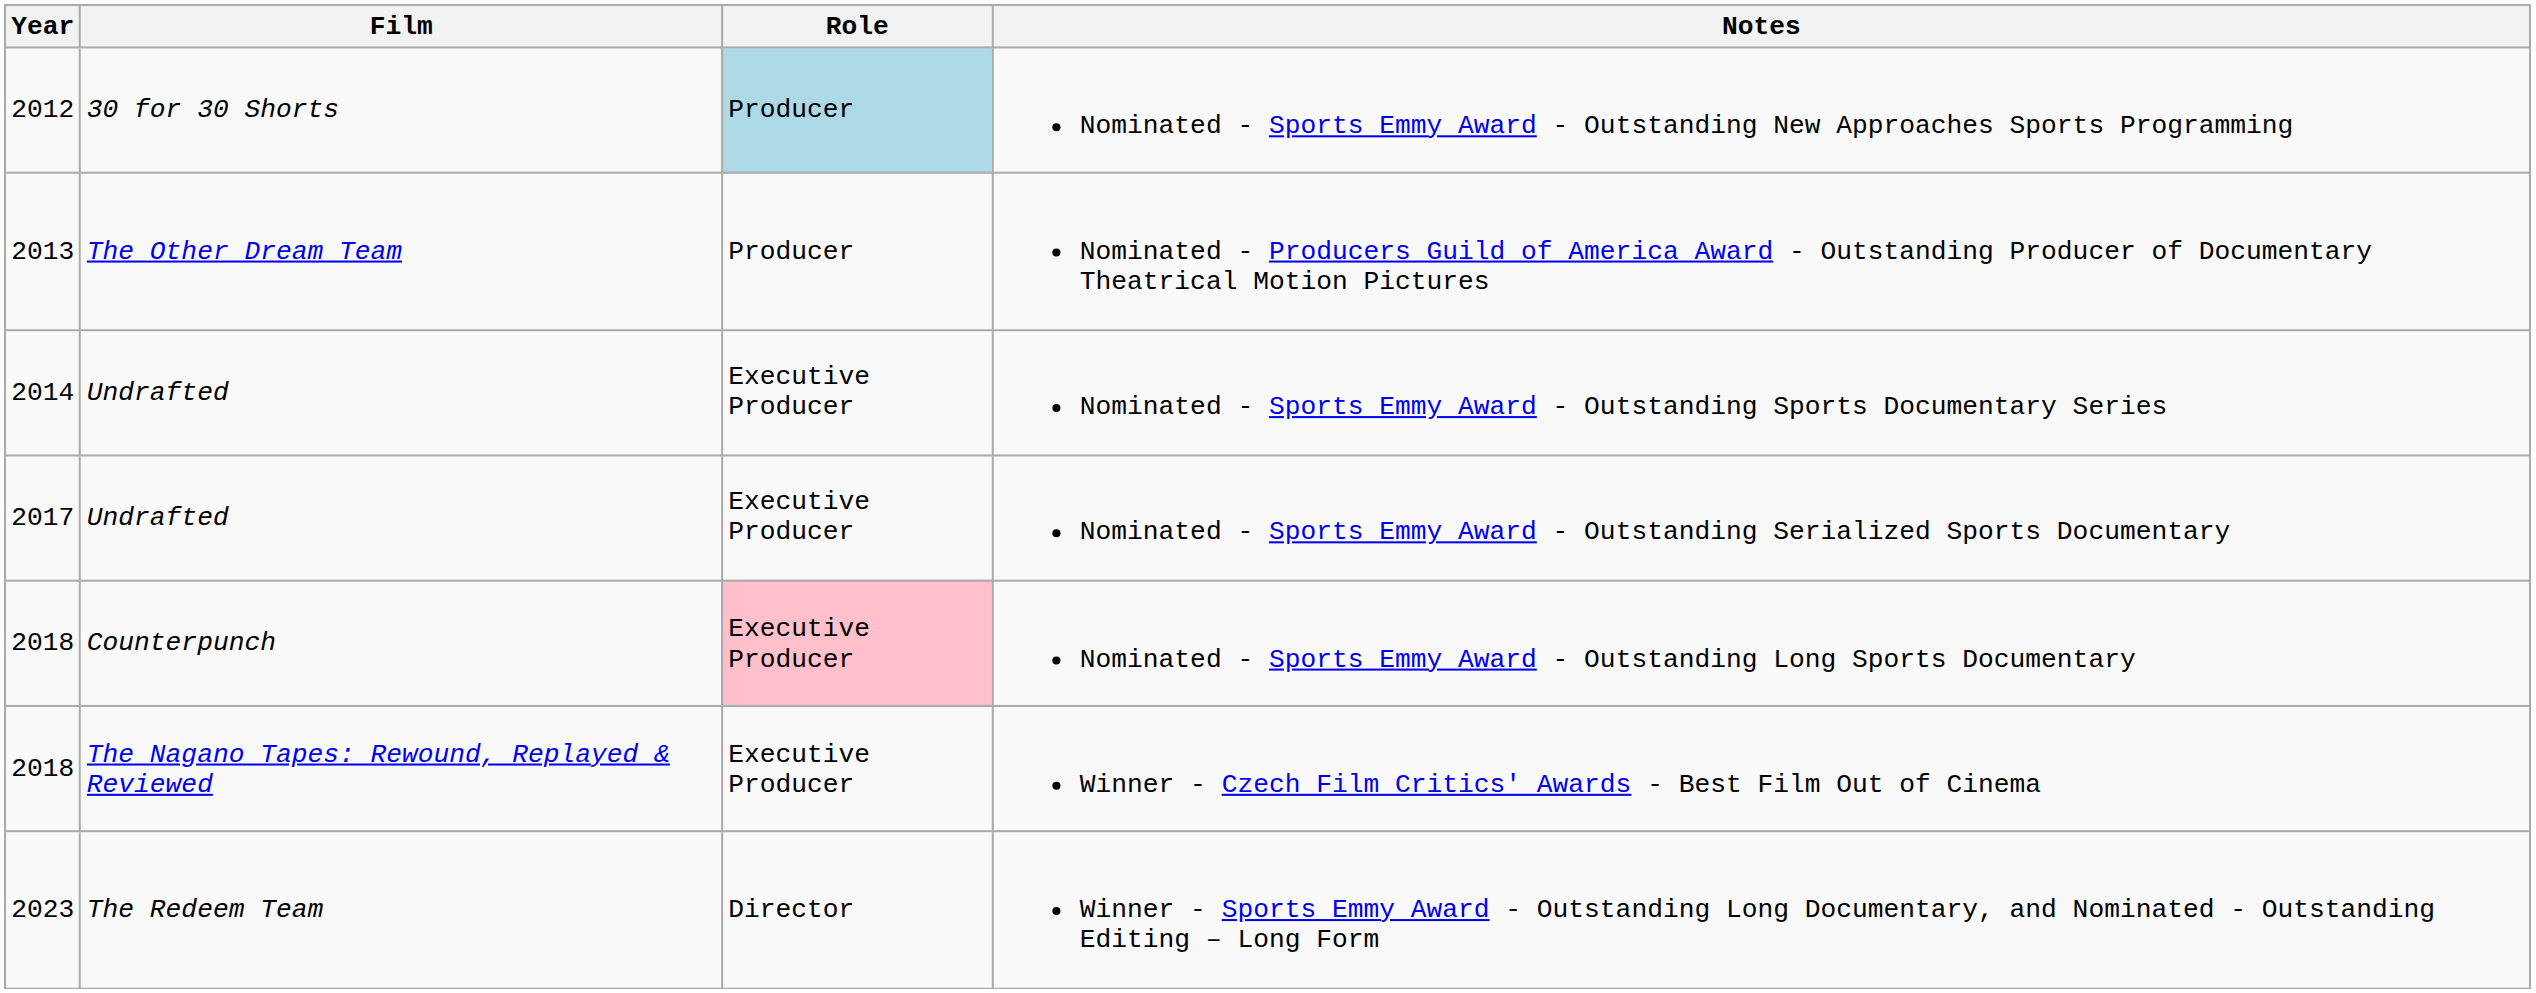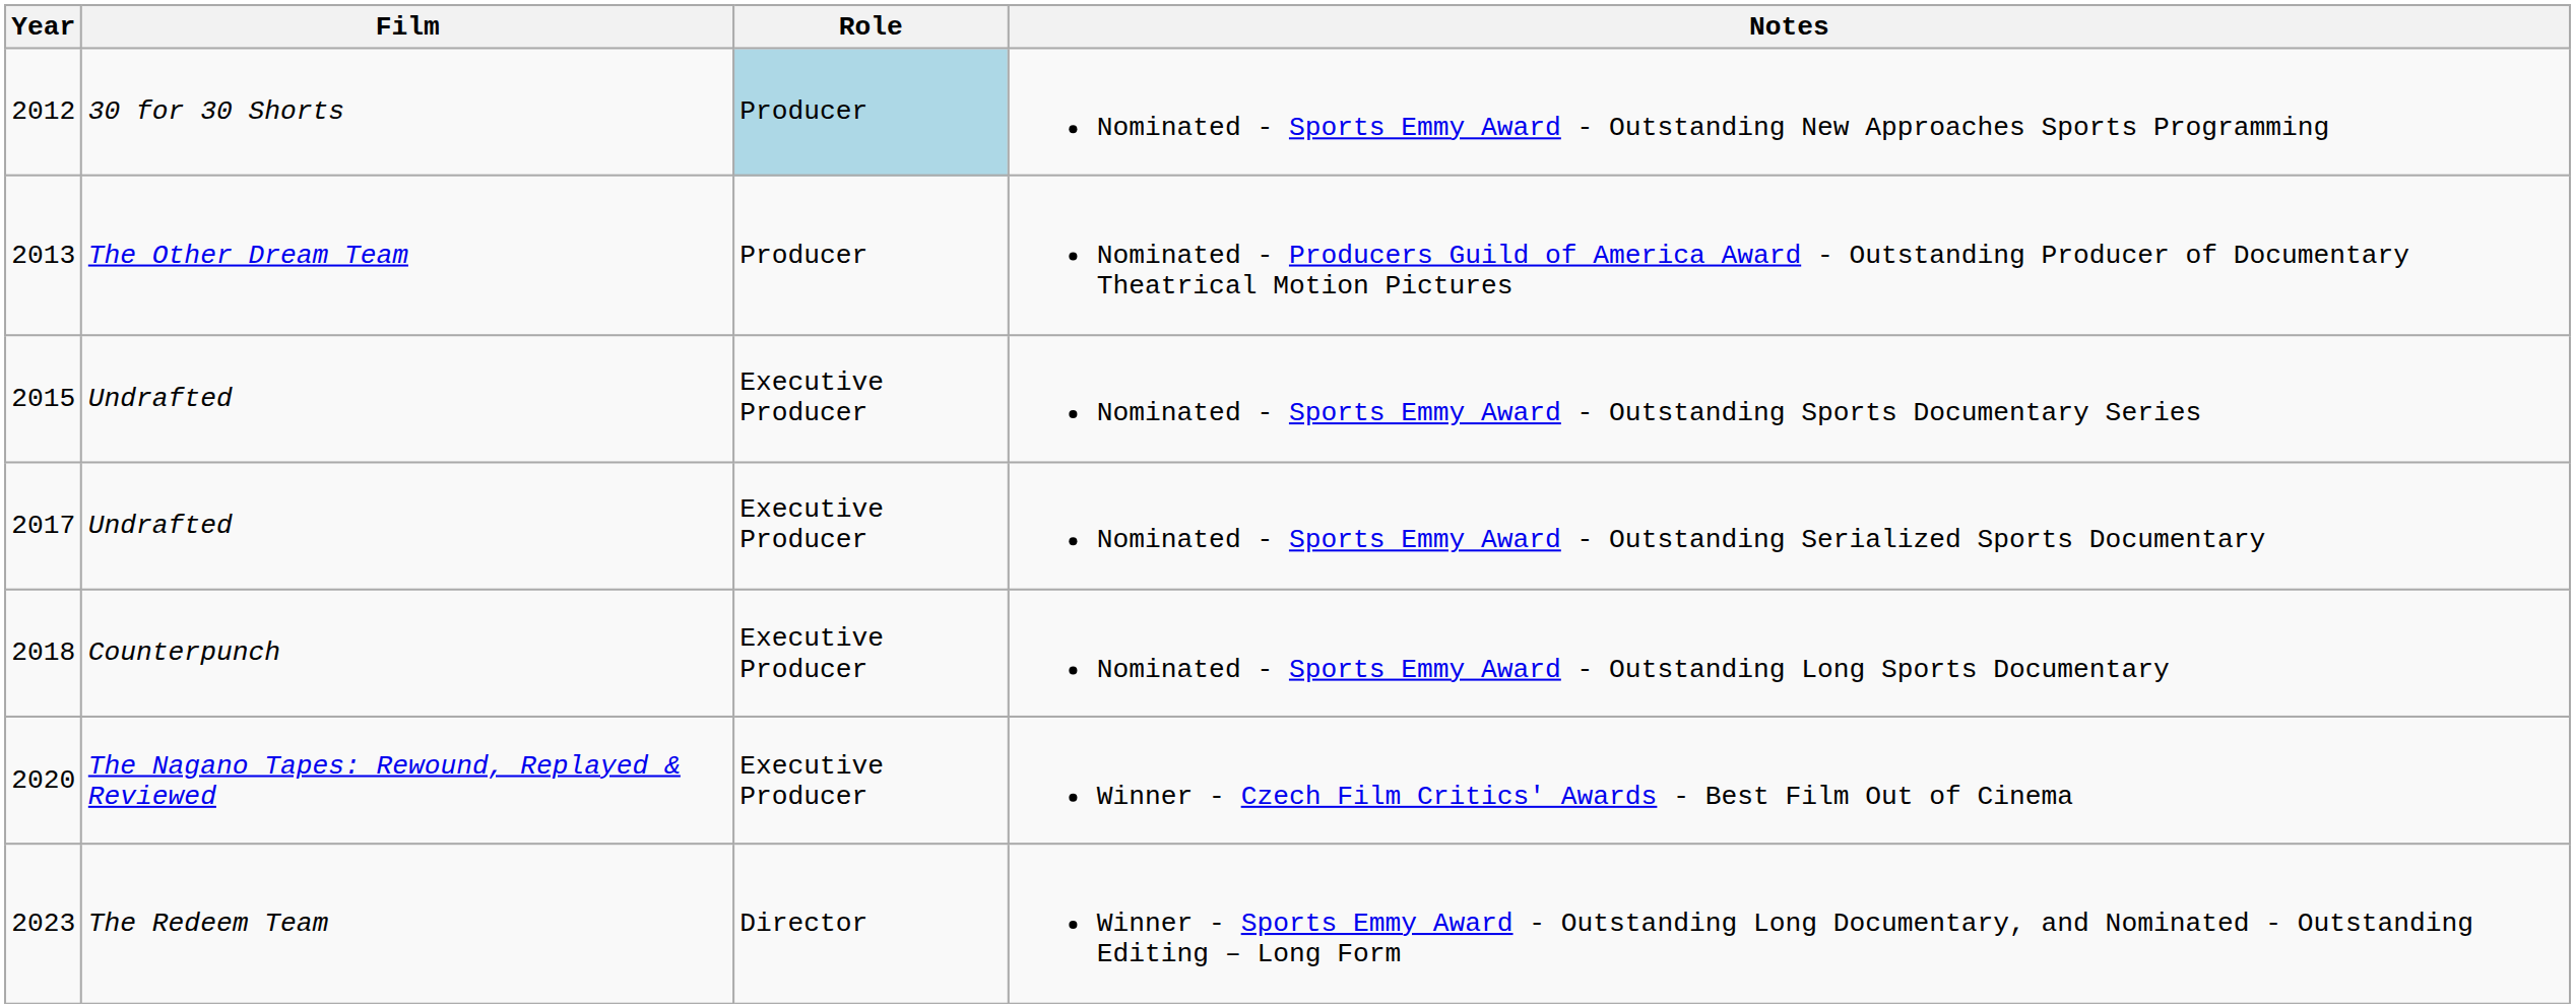 <table class="wikitable">
 <tr>
 <th>Year</th>
 <th>Film</th>
 <th>Role</th>
 <th>Notes</th>
 </tr>
 <tr>
 <td>2012</td>
 <td><em>30 for 30 Shorts</em></td>
 <td style="background: lightblue;">Producer</td>
 <td><br><ul><li>Nominated - <a href='#'>Sports Emmy Award</a> - Outstanding New Approaches Sports Programming</li></ul></td>
 </tr>
 <tr>
 <td>2013</td>
 <td><em><a href='#'>The Other Dream Team</a></em></td>
 <td>Producer</td>
 <td><br><ul><li>Nominated - <a href='#'>Producers Guild of America Award</a> - Outstanding Producer of Documentary Theatrical Motion Pictures</li></ul></td>
 </tr>
 <tr>
-<td>2014</td>
+<td>2015</td>
 <td><em>Undrafted</em></td>
 <td>Executive Producer</td>
 <td><br><ul><li>Nominated - <a href='#'>Sports Emmy Award</a> - Outstanding Sports Documentary Series</li></ul></td>
 </tr>
 <tr>
 <td>2017</td>
 <td><em>Undrafted</em></td>
 <td>Executive Producer</td>
 <td><br><ul><li>Nominated - <a href='#'>Sports Emmy Award</a> - Outstanding Serialized Sports Documentary</li></ul></td>
 </tr>
 <tr>
 <td>2018</td>
 <td><em>Counterpunch</em></td>
-<td style="background: pink;">Executive Producer</td>
+<td>Executive Producer</td>
 <td><br><ul><li>Nominated - <a href='#'>Sports Emmy Award</a> - Outstanding Long Sports Documentary</li></ul></td>
 </tr>
 <tr>
-<td>2018</td>
+<td>2020</td>
 <td><em><a href='#'>The Nagano Tapes: Rewound, Replayed & Reviewed</a></em></td>
 <td>Executive Producer</td>
 <td><br><ul><li>Winner - <a href='#'>Czech Film Critics' Awards</a> - Best Film Out of Cinema</li></ul></td>
 </tr>
 <tr>
 <td>2023</td>
 <td><em>The Redeem Team</em></td>
 <td>Director</td>
 <td><br><ul><li>Winner - <a href='#'>Sports Emmy Award</a> - Outstanding Long Documentary, and Nominated - Outstanding Editing – Long Form</li></ul></td>
 </tr>
 </table>
